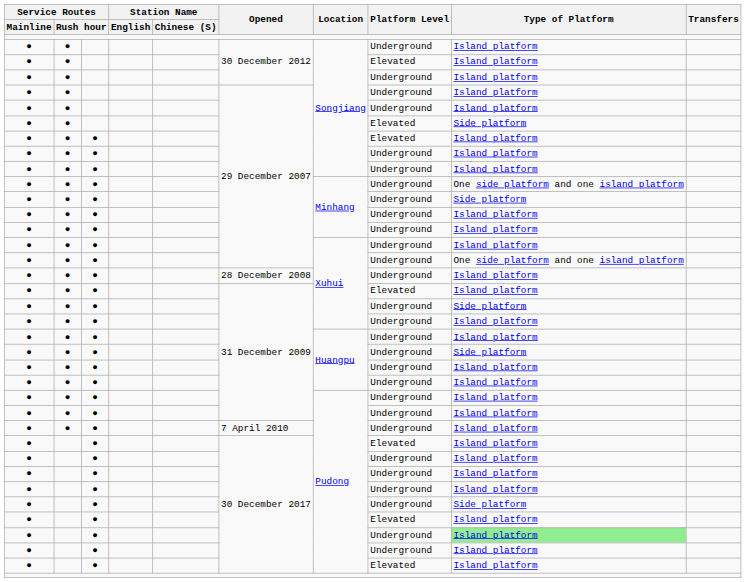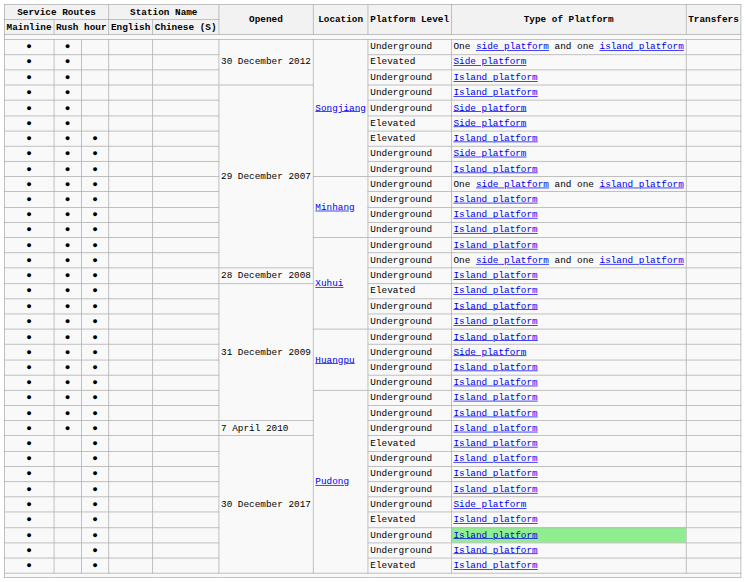 <table class=wikitable>
 <tr>
 <th colspan=3>Service Routes</th>
 <th colspan=2 style="text-align:center;">Station Name</th>
 <th rowspan=2>Opened</th>
 <th rowspan=2 style="text-align:center;">Location</th>
 <th rowspan=2>Platform Level</th>
 <th rowspan=2>Type of Platform</th>
 <th rowspan=2 style="text-align:center;">Transfers</th>
 </tr>
 <tr>
 <th>Mainline</th>
 <th colspan=2>Rush hour</th>
 <th>English</th>
 <th>Chinese (S)</th>
 </tr>
 <tr style=background:#>
 <td colspan=10></td>
 </tr>
 <tr>
 <td align=center>●</td>
 <td align=center>●</td>
 <td></td>
 <td></td>
 <td><span></span></td>
 <td rowspan=3>30 December 2012</td>
 <td rowspan=9><a href='#'>Songjiang</a></td>
 <td>Underground</td>
-<td><a href='#'>Island platform</a></td>
+<td>One <a href='#'>side platform</a> and one <a href='#'>island platform</a></td>
 <td></td>
 </tr>
 <tr>
 <td align=center>●</td>
 <td align=center>●</td>
 <td></td>
 <td></td>
 <td><span></span></td>
 <td>Elevated</td>
-<td><a href='#'>Island platform</a></td>
+<td><a href='#'>Side platform</a></td>
 <td></td>
 </tr>
 <tr>
 <td align=center>●</td>
 <td align=center>●</td>
 <td></td>
 <td></td>
 <td><span></span></td>
 <td>Underground</td>
 <td><a href='#'>Island platform</a></td>
 <td></td>
 </tr>
 <tr>
 <td align=center>●</td>
 <td align=center>●</td>
 <td></td>
 <td></td>
 <td><span></span></td>
 <td rowspan=12>29 December 2007</td>
 <td>Underground</td>
 <td><a href='#'>Island platform</a></td>
 <td></td>
 </tr>
 <tr>
 <td align=center>●</td>
 <td align=center>●</td>
 <td></td>
 <td></td>
 <td><span></span></td>
 <td>Underground</td>
-<td><a href='#'>Island platform</a></td>
+<td><a href='#'>Side platform</a></td>
 <td></td>
 </tr>
 <tr>
 <td align=center>●</td>
 <td align=center>●</td>
 <td></td>
 <td></td>
 <td><span></span></td>
 <td>Elevated</td>
 <td><a href='#'>Side platform</a></td>
 <td></td>
 </tr>
 <tr>
 <td align=center>●</td>
 <td align=center>●</td>
 <td align=center>●</td>
 <td></td>
 <td><span></span></td>
 <td>Elevated</td>
 <td><a href='#'>Island platform</a></td>
 <td></td>
 </tr>
 <tr>
 <td align=center>●</td>
 <td align=center>●</td>
 <td align=center>●</td>
 <td></td>
 <td><span></span></td>
 <td>Underground</td>
-<td><a href='#'>Island platform</a></td>
+<td><a href='#'>Side platform</a></td>
 <td></td>
 </tr>
 <tr>
 <td align=center>●</td>
 <td align=center>●</td>
 <td align=center>●</td>
 <td></td>
 <td><span></span></td>
 <td>Underground</td>
 <td><a href='#'>Island platform</a></td>
 <td></td>
 </tr>
 <tr>
 <td align=center>●</td>
 <td align=center>●</td>
 <td align=center>●</td>
 <td></td>
 <td><span></span></td>
 <td rowspan=4><a href='#'>Minhang</a></td>
 <td>Underground</td>
 <td>One <a href='#'>side platform</a> and one <a href='#'>island platform</a></td>
 <td></td>
 </tr>
 <tr>
 <td align=center>●</td>
 <td align=center>●</td>
 <td align=center>●</td>
 <td></td>
 <td><span></span></td>
 <td>Underground</td>
-<td><a href='#'>Side platform</a></td>
+<td><a href='#'>Island platform</a></td>
 <td></td>
 </tr>
 <tr>
 <td align=center>●</td>
 <td align=center>●</td>
 <td align=center>●</td>
 <td></td>
 <td><span></span></td>
 <td>Underground</td>
 <td><a href='#'>Island platform</a></td>
 <td></td>
 </tr>
 <tr>
 <td align=center>●</td>
 <td align=center>●</td>
 <td align=center>●</td>
 <td></td>
 <td><span></span></td>
 <td>Underground</td>
 <td><a href='#'>Island platform</a></td>
 <td></td>
 </tr>
 <tr>
 <td align=center>●</td>
 <td align=center>●</td>
 <td align=center>●</td>
 <td></td>
 <td><span></span></td>
 <td rowspan=6><a href='#'>Xuhui</a></td>
 <td>Underground</td>
 <td><a href='#'>Island platform</a></td>
 <td></td>
 </tr>
 <tr>
 <td align=center>●</td>
 <td align=center>●</td>
 <td align=center>●</td>
 <td></td>
 <td><span></span></td>
 <td>Underground</td>
 <td>One <a href='#'>side platform</a> and one <a href='#'>island platform</a></td>
 <td></td>
 </tr>
 <tr>
 <td align=center>●</td>
 <td align=center>●</td>
 <td align=center>●</td>
 <td></td>
 <td><span></span></td>
 <td>28 December 2008</td>
 <td>Underground</td>
 <td><a href='#'>Island platform</a></td>
 <td></td>
 </tr>
 <tr>
 <td align=center>●</td>
 <td align=center>●</td>
 <td align=center>●</td>
 <td></td>
 <td><span></span></td>
 <td rowspan=9>31 December 2009</td>
 <td>Elevated</td>
 <td><a href='#'>Island platform</a></td>
 <td></td>
 </tr>
 <tr>
 <td align=center>●</td>
 <td align=center>●</td>
 <td align=center>●</td>
 <td></td>
 <td><span></span></td>
 <td>Underground</td>
-<td><a href='#'>Side platform</a></td>
+<td><a href='#'>Island platform</a></td>
 <td></td>
 </tr>
 <tr>
 <td align=center>●</td>
 <td align=center>●</td>
 <td align=center>●</td>
 <td></td>
 <td><span></span></td>
 <td>Underground</td>
 <td><a href='#'>Island platform</a></td>
 <td></td>
 </tr>
 <tr>
 <td align=center>●</td>
 <td align=center>●</td>
 <td align=center>●</td>
 <td></td>
 <td><span></span></td>
 <td rowspan=4><a href='#'>Huangpu</a></td>
 <td>Underground</td>
 <td><a href='#'>Island platform</a></td>
 <td></td>
 </tr>
 <tr>
 <td align=center>●</td>
 <td align=center>●</td>
 <td align=center>●</td>
 <td></td>
 <td><span></span></td>
 <td>Underground</td>
 <td><a href='#'>Side platform</a></td>
 <td></td>
 </tr>
 <tr>
 <td align=center>●</td>
 <td align=center>●</td>
 <td align=center>●</td>
 <td></td>
 <td><span></span></td>
 <td>Underground</td>
 <td><a href='#'>Island platform</a></td>
 <td></td>
 </tr>
 <tr>
 <td align=center>●</td>
 <td align=center>●</td>
 <td align=center>●</td>
 <td></td>
 <td><span></span></td>
 <td>Underground</td>
 <td><a href='#'>Island platform</a></td>
 <td></td>
 </tr>
 <tr>
 <td align=center>●</td>
 <td align=center>●</td>
 <td align=center>●</td>
 <td></td>
 <td><span></span></td>
 <td rowspan=12><a href='#'>Pudong</a></td>
 <td>Underground</td>
 <td><a href='#'>Island platform</a></td>
 <td></td>
 </tr>
 <tr>
 <td align=center>●</td>
 <td align=center>●</td>
 <td align=center>●</td>
 <td></td>
 <td><span></span></td>
 <td>Underground</td>
 <td><a href='#'>Island platform</a></td>
 <td></td>
 </tr>
 <tr>
 <td align=center>●</td>
 <td align=center>●</td>
 <td align=center>●</td>
 <td></td>
 <td><span></span></td>
 <td>7 April 2010</td>
 <td>Underground</td>
 <td><a href='#'>Island platform</a></td>
 <td></td>
 </tr>
 <tr>
 <td align=center>●</td>
 <td align=center></td>
 <td align=center>●</td>
 <td></td>
 <td><span></span></td>
 <td rowspan=9>30 December 2017</td>
 <td>Elevated</td>
 <td><a href='#'>Island platform</a></td>
 <td></td>
 </tr>
 <tr>
 <td align=center>●</td>
 <td align=center></td>
 <td align=center>●</td>
 <td></td>
 <td><span></span></td>
 <td>Underground</td>
 <td><a href='#'>Island platform</a></td>
 <td></td>
 </tr>
 <tr>
 <td align=center>●</td>
 <td align=center></td>
 <td align=center>●</td>
 <td></td>
 <td><span></span></td>
 <td>Underground</td>
 <td><a href='#'>Island platform</a></td>
 <td></td>
 </tr>
 <tr>
 <td align=center>●</td>
 <td align=center></td>
 <td align=center>●</td>
 <td></td>
 <td><span></span></td>
 <td>Underground</td>
 <td><a href='#'>Island platform</a></td>
 <td></td>
 </tr>
 <tr>
 <td align=center>●</td>
 <td align=center></td>
 <td align=center>●</td>
 <td></td>
 <td><span></span></td>
 <td>Underground</td>
 <td><a href='#'>Side platform</a></td>
 <td></td>
 </tr>
 <tr>
 <td align=center>●</td>
 <td align=center></td>
 <td align=center>●</td>
 <td></td>
 <td><span></span></td>
 <td>Elevated</td>
 <td><a href='#'>Island platform</a></td>
 <td></td>
 </tr>
 <tr>
 <td align=center>●</td>
 <td align=center></td>
 <td align=center>●</td>
 <td></td>
 <td><span></span></td>
 <td>Underground</td>
 <td style="background: lightgreen;"><a href='#'>Island platform</a></td>
 <td></td>
 </tr>
 <tr>
 <td align=center>●</td>
 <td align=center></td>
 <td align=center>●</td>
 <td></td>
 <td><span></span></td>
 <td>Underground</td>
 <td><a href='#'>Island platform</a></td>
 <td></td>
 </tr>
 <tr>
 <td align=center>●</td>
 <td align=center></td>
 <td align=center>●</td>
 <td></td>
 <td><span></span></td>
 <td>Elevated</td>
 <td><a href='#'>Island platform</a></td>
 <td></td>
 </tr>
 <tr style=background:#>
 <td colspan=10></td>
 </tr>
 </table>
